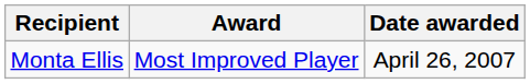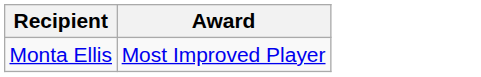 <table class="wikitable sortable sortable" style="text-align: center">
 <tr>
 <th>Recipient</th>
 <th>Award</th>
-<th>Date awarded</th>
 </tr>
 <tr style="text-align: center">
 <td><a href='#'>Monta Ellis</a></td>
 <td><a href='#'>Most Improved Player</a></td>
-<td>April 26, 2007</td>
 </tr>
 </table>
